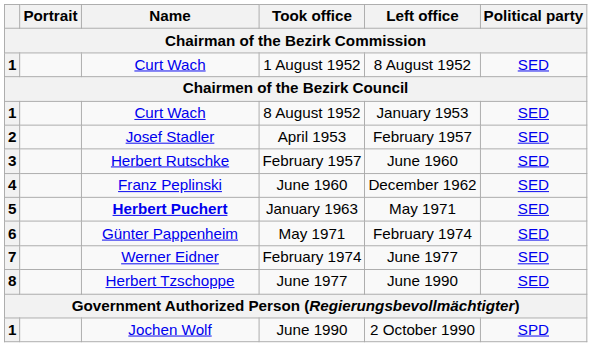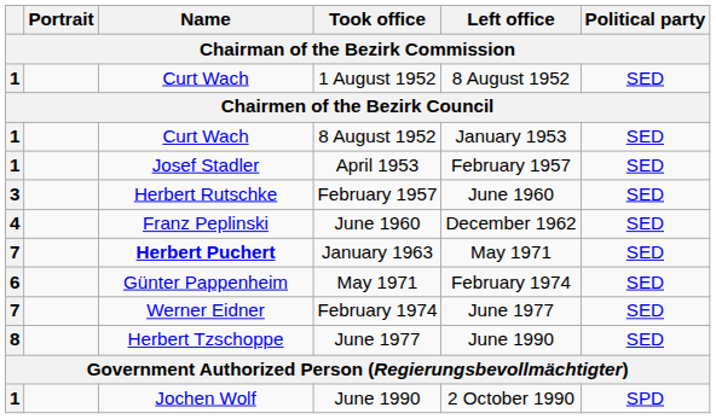 <table class="wikitable" style="text-align:center">
 <tr>
 <th></th>
 <th>Portrait</th>
 <th width=180>Name<br></th>
 <th>Took office</th>
 <th>Left office</th>
 <th>Political party</th>
 </tr>
 <tr>
 <th colspan=6>Chairman of the Bezirk Commission</th>
 </tr>
 <tr>
 <th style="background:">1</th>
 <td></td>
 <td><a href='#'>Curt Wach</a><br></td>
 <td>1 August 1952</td>
 <td>8 August 1952</td>
 <td><a href='#'>SED</a></td>
 </tr>
 <tr>
 <th colspan=6>Chairmen of the Bezirk Council</th>
 </tr>
 <tr>
 <th style="background:">1</th>
 <td></td>
 <td><a href='#'>Curt Wach</a><br></td>
 <td>8 August 1952</td>
 <td>January 1953</td>
 <td><a href='#'>SED</a></td>
 </tr>
 <tr>
-<th style="background:">2</th>
+<th style="background:">1</th>
 <td></td>
 <td><a href='#'>Josef Stadler</a><br></td>
 <td>April 1953</td>
 <td>February 1957</td>
 <td><a href='#'>SED</a></td>
 </tr>
 <tr>
 <th style="background:">3</th>
 <td></td>
 <td><a href='#'>Herbert Rutschke</a><br></td>
 <td>February 1957</td>
 <td>June 1960</td>
 <td><a href='#'>SED</a></td>
 </tr>
 <tr>
 <th style="background:">4</th>
 <td></td>
 <td><a href='#'>Franz Peplinski</a><br></td>
 <td>June 1960</td>
 <td>December 1962</td>
 <td><a href='#'>SED</a></td>
 </tr>
 <tr>
-<th style="background:">5</th>
+<th style="background:">7</th>
 <td></td>
 <td><strong><a href='#'>Herbert Puchert</a><br></strong></td>
 <td>January 1963</td>
 <td>May 1971</td>
 <td><a href='#'>SED</a></td>
 </tr>
 <tr>
 <th style="background:">6</th>
 <td></td>
 <td><a href='#'>Günter Pappenheim</a><br></td>
 <td>May 1971</td>
 <td>February 1974</td>
 <td><a href='#'>SED</a></td>
 </tr>
 <tr>
 <th style="background:">7</th>
 <td></td>
 <td><a href='#'>Werner Eidner</a><br></td>
 <td>February 1974</td>
 <td>June 1977</td>
 <td><a href='#'>SED</a></td>
 </tr>
 <tr>
 <th style="background:">8</th>
 <td></td>
 <td><a href='#'>Herbert Tzschoppe</a><br></td>
 <td>June 1977</td>
 <td>June 1990</td>
 <td><a href='#'>SED</a></td>
 </tr>
 <tr>
 <th colspan=6>Government Authorized Person (<em>Regierungsbevollmächtigter</em>)</th>
 </tr>
 <tr>
 <th style="background:">1</th>
 <td></td>
 <td><a href='#'>Jochen Wolf</a><br></td>
 <td>June 1990</td>
 <td>2 October 1990</td>
 <td><a href='#'>SPD</a></td>
 </tr>
 </table>
